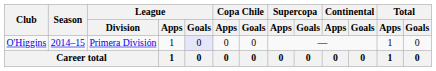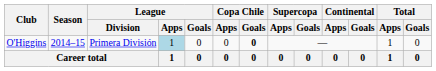 <table class="wikitable" style="text-align: center;">
 <tr>
 <th rowspan="2">Club</th>
 <th rowspan="2">Season</th>
 <th colspan="3">League</th>
 <th colspan="2">Copa Chile</th>
 <th colspan="2">Supercopa</th>
 <th colspan="2">Continental</th>
 <th colspan="2">Total</th>
 </tr>
 <tr>
 <th>Division</th>
 <th>Apps</th>
 <th>Goals</th>
 <th>Apps</th>
 <th>Goals</th>
 <th>Apps</th>
 <th>Goals</th>
 <th>Apps</th>
 <th>Goals</th>
 <th>Apps</th>
 <th>Goals</th>
 </tr>
 <tr>
 <td rowspan="1"><a href='#'>O'Higgins</a></td>
 <td><a href='#'>2014–15</a></td>
 <td rowspan="1"><a href='#'>Primera División</a></td>
-<td>1</td>
-<td style="background: lavender;">0</td>
+<td style="background: lightblue;">1</td>
 <td>0</td>
 <td>0</td>
+<td><strong>0</strong></td>
 <td colspan="4">—</td>
 <td>1</td>
 <td>0</td>
 </tr>
 <tr>
 <th colspan="3">Career total</th>
 <th>1</th>
 <th>0</th>
 <th>0</th>
 <th>0</th>
 <th>0</th>
 <th>0</th>
 <th>0</th>
 <th>0</th>
 <th>1</th>
 <th>0</th>
 </tr>
 </table>
